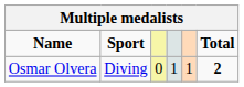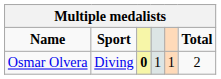 <table class="wikitable" style="font-size:85%;float:center;text-align:center">
 <tr style="background:#efefef;">
 <th colspan=7>Multiple medalists</th>
 </tr>
 <tr align=center>
 <td><strong>Name</strong></td>
 <td><strong>Sport</strong></td>
 <td style="background:#f7f6a8;"></td>
 <td style="background:#dce5e5;"></td>
 <td style="background:#ffdab9;"></td>
 <td><strong>Total</strong></td>
 </tr>
 <tr align=center>
 <td><a href='#'>Osmar Olvera</a></td>
 <td><a href='#'>Diving</a></td>
-<td style="background:#f7f6a8;">0</td>
+<td style="background:#f7f6a8;"><strong>0</strong></td>
 <td style="background:#dce5e5;">1</td>
 <td style="background:#ffdab9;">1</td>
-<td><strong>2</strong></td>
+<td>2</td>
 </tr>
 </table>
